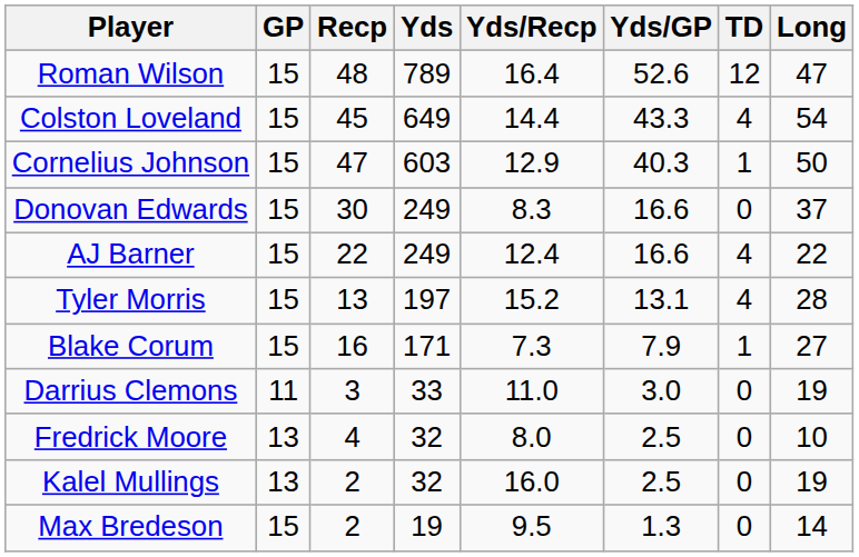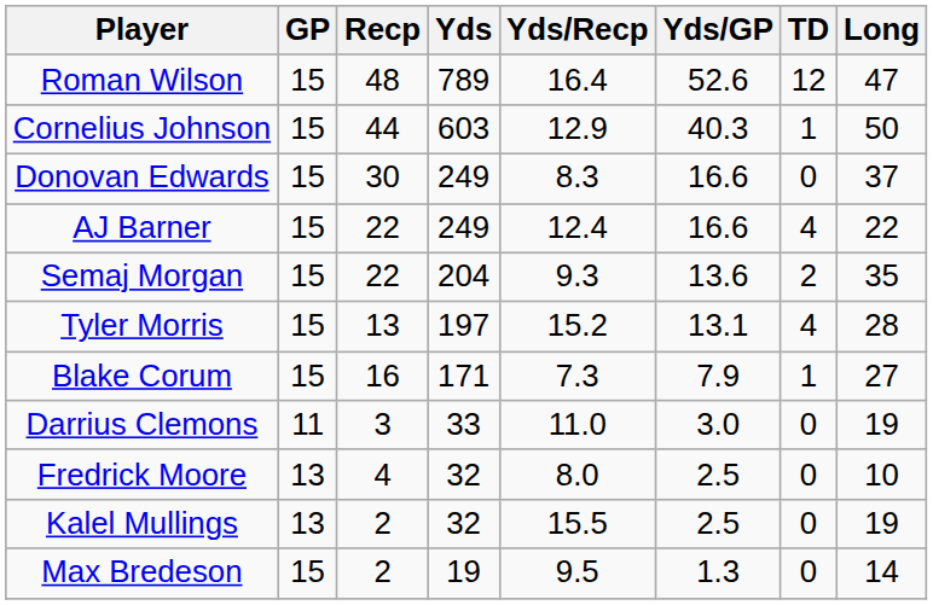 <table class="wikitable sortable sortable" style="text-align: center">
 <tr align=center>
 <th>Player</th>
 <th>GP</th>
 <th>Recp</th>
 <th>Yds</th>
 <th>Yds/Recp</th>
 <th>Yds/GP</th>
 <th>TD</th>
 <th>Long</th>
 </tr>
 <tr>
 <td><a href='#'>Roman Wilson</a></td>
 <td>15</td>
 <td>48</td>
 <td>789</td>
 <td>16.4</td>
 <td>52.6</td>
 <td>12</td>
 <td>47</td>
 </tr>
 <tr>
-<td><a href='#'>Colston Loveland</a></td>
-<td>15</td>
-<td>45</td>
-<td>649</td>
-<td>14.4</td>
-<td>43.3</td>
-<td>4</td>
-<td>54</td>
-</tr>
-<tr>
 <td><a href='#'>Cornelius Johnson</a></td>
 <td>15</td>
-<td>47</td>
+<td>44</td>
 <td>603</td>
 <td>12.9</td>
 <td>40.3</td>
 <td>1</td>
 <td>50</td>
 </tr>
 <tr>
 <td><a href='#'>Donovan Edwards</a></td>
 <td>15</td>
 <td>30</td>
 <td>249</td>
 <td>8.3</td>
 <td>16.6</td>
 <td>0</td>
 <td>37</td>
 </tr>
 <tr>
 <td><a href='#'>AJ Barner</a></td>
 <td>15</td>
 <td>22</td>
 <td>249</td>
 <td>12.4</td>
 <td>16.6</td>
 <td>4</td>
 <td>22</td>
+</tr>
+<tr>
+<td><a href='#'>Semaj Morgan</a></td>
+<td>15</td>
+<td>22</td>
+<td>204</td>
+<td>9.3</td>
+<td>13.6</td>
+<td>2</td>
+<td>35</td>
 </tr>
 <tr>
 <td><a href='#'>Tyler Morris</a></td>
 <td>15</td>
 <td>13</td>
 <td>197</td>
 <td>15.2</td>
 <td>13.1</td>
 <td>4</td>
 <td>28</td>
 </tr>
 <tr>
 <td><a href='#'>Blake Corum</a></td>
 <td>15</td>
 <td>16</td>
 <td>171</td>
 <td>7.3</td>
 <td>7.9</td>
 <td>1</td>
 <td>27</td>
 </tr>
 <tr>
 <td><a href='#'>Darrius Clemons</a></td>
 <td>11</td>
 <td>3</td>
 <td>33</td>
 <td>11.0</td>
 <td>3.0</td>
 <td>0</td>
 <td>19</td>
 </tr>
 <tr>
 <td><a href='#'>Fredrick Moore</a></td>
 <td>13</td>
 <td>4</td>
 <td>32</td>
 <td>8.0</td>
 <td>2.5</td>
 <td>0</td>
 <td>10</td>
 </tr>
 <tr>
 <td><a href='#'>Kalel Mullings</a></td>
 <td>13</td>
 <td>2</td>
 <td>32</td>
-<td>16.0</td>
+<td>15.5</td>
 <td>2.5</td>
 <td>0</td>
 <td>19</td>
 </tr>
 <tr>
 <td><a href='#'>Max Bredeson</a></td>
 <td>15</td>
 <td>2</td>
 <td>19</td>
 <td>9.5</td>
 <td>1.3</td>
 <td>0</td>
 <td>14</td>
 </tr>
 </table>
